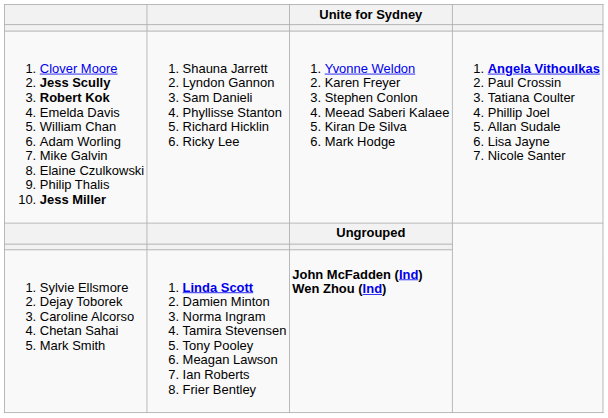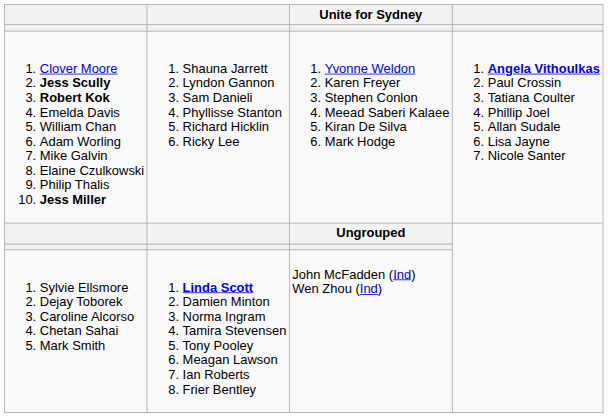 <table class=wikitable>
 <tr>
 <th></th>
 <th></th>
 <th>Unite for Sydney</th>
 <th></th>
 </tr>
 <tr style=background:#ccc>
 <th></th>
 <th></th>
 <th></th>
 <th></th>
 </tr>
 <tr>
 <td valign=top><br><ol><li><a href='#'>Clover Moore</a></li><li><strong>Jess Scully</strong></li><li><strong>Robert Kok</strong></li><li>Emelda Davis</li><li>William Chan</li><li>Adam Worling</li><li>Mike Galvin</li><li>Elaine Czulkowski</li><li>Philip Thalis</li><li><strong>Jess Miller</strong></li></ol></td>
 <td valign=top><br><ol><li>Shauna Jarrett</li><li>Lyndon Gannon</li><li>Sam Danieli</li><li>Phyllisse Stanton</li><li>Richard Hicklin</li><li>Ricky Lee</li></ol></td>
 <td valign=top><br><ol><li><a href='#'>Yvonne Weldon</a></li><li>Karen Freyer</li><li>Stephen Conlon</li><li>Meead Saberi Kalaee</li><li>Kiran De Silva</li><li>Mark Hodge</li></ol></td>
 <td valign=top><br><ol><li><strong><a href='#'>Angela Vithoulkas</a></strong></li><li>Paul Crossin</li><li>Tatiana Coulter</li><li>Phillip Joel</li><li>Allan Sudale</li><li>Lisa Jayne</li><li>Nicole Santer</li></ol></td>
 </tr>
 <tr>
 <th></th>
 <th></th>
 <th>Ungrouped</th>
 </tr>
 <tr style=background:#ccc>
 <th></th>
 <th></th>
 <th></th>
 </tr>
 <tr>
 <td valign=top><br><ol><li>Sylvie Ellsmore</li><li>Dejay Toborek</li><li>Caroline Alcorso</li><li>Chetan Sahai</li><li>Mark Smith</li></ol></td>
 <td valign=top><br><ol><li><strong><a href='#'>Linda Scott</a></strong></li><li>Damien Minton</li><li>Norma Ingram</li><li>Tamira Stevensen</li><li>Tony Pooley</li><li>Meagan Lawson</li><li>Ian Roberts</li><li>Frier Bentley</li></ol></td>
-<td valign=top><strong><br>John McFadden (<a href='#'>Ind</a>) <br>  Wen Zhou (<a href='#'>Ind</a>)</strong></td>
+<td valign=top><br>John McFadden (<a href='#'>Ind</a>) <br>  Wen Zhou (<a href='#'>Ind</a>)</td>
 </tr>
 </table>
